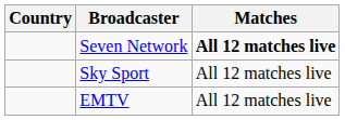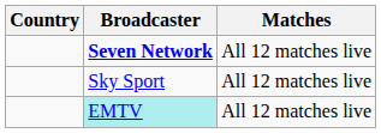 <table class="wikitable">
 <tr>
 <th>Country</th>
 <th>Broadcaster</th>
 <th>Matches</th>
 </tr>
 <tr>
 <td></td>
-<td><a href='#'>Seven Network</a></td>
-<td><strong>All 12 matches live</strong></td>
+<td><strong><a href='#'>Seven Network</a></strong></td>
+<td>All 12 matches live</td>
 </tr>
 <tr>
 <td></td>
 <td><a href='#'>Sky Sport</a></td>
 <td>All 12 matches live</td>
 </tr>
 <tr>
 <td></td>
-<td><a href='#'>EMTV</a></td>
+<td style="background: paleturquoise;"><a href='#'>EMTV</a></td>
 <td>All 12 matches live</td>
 </tr>
 </table>
